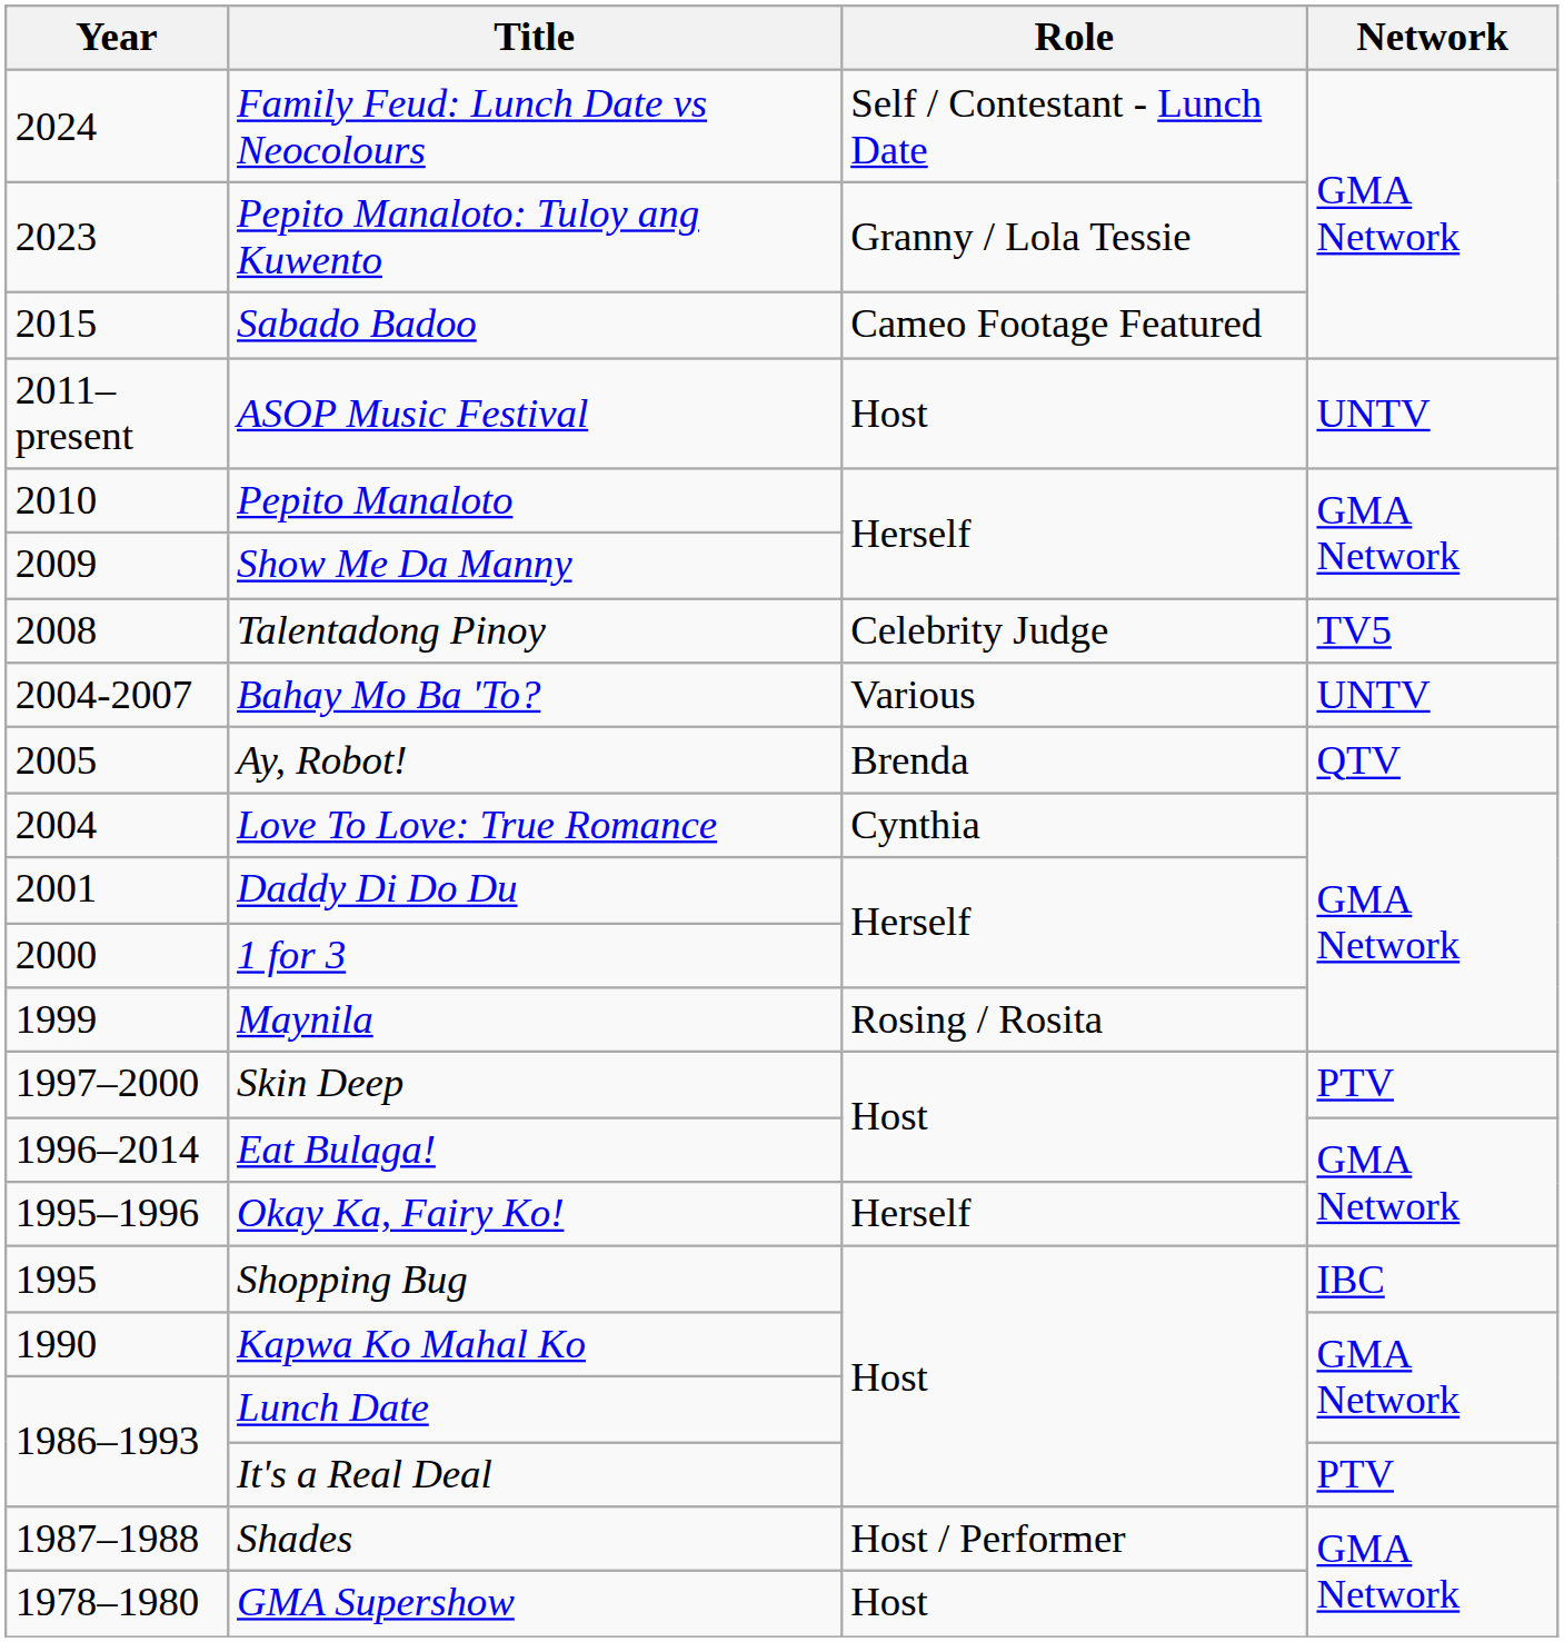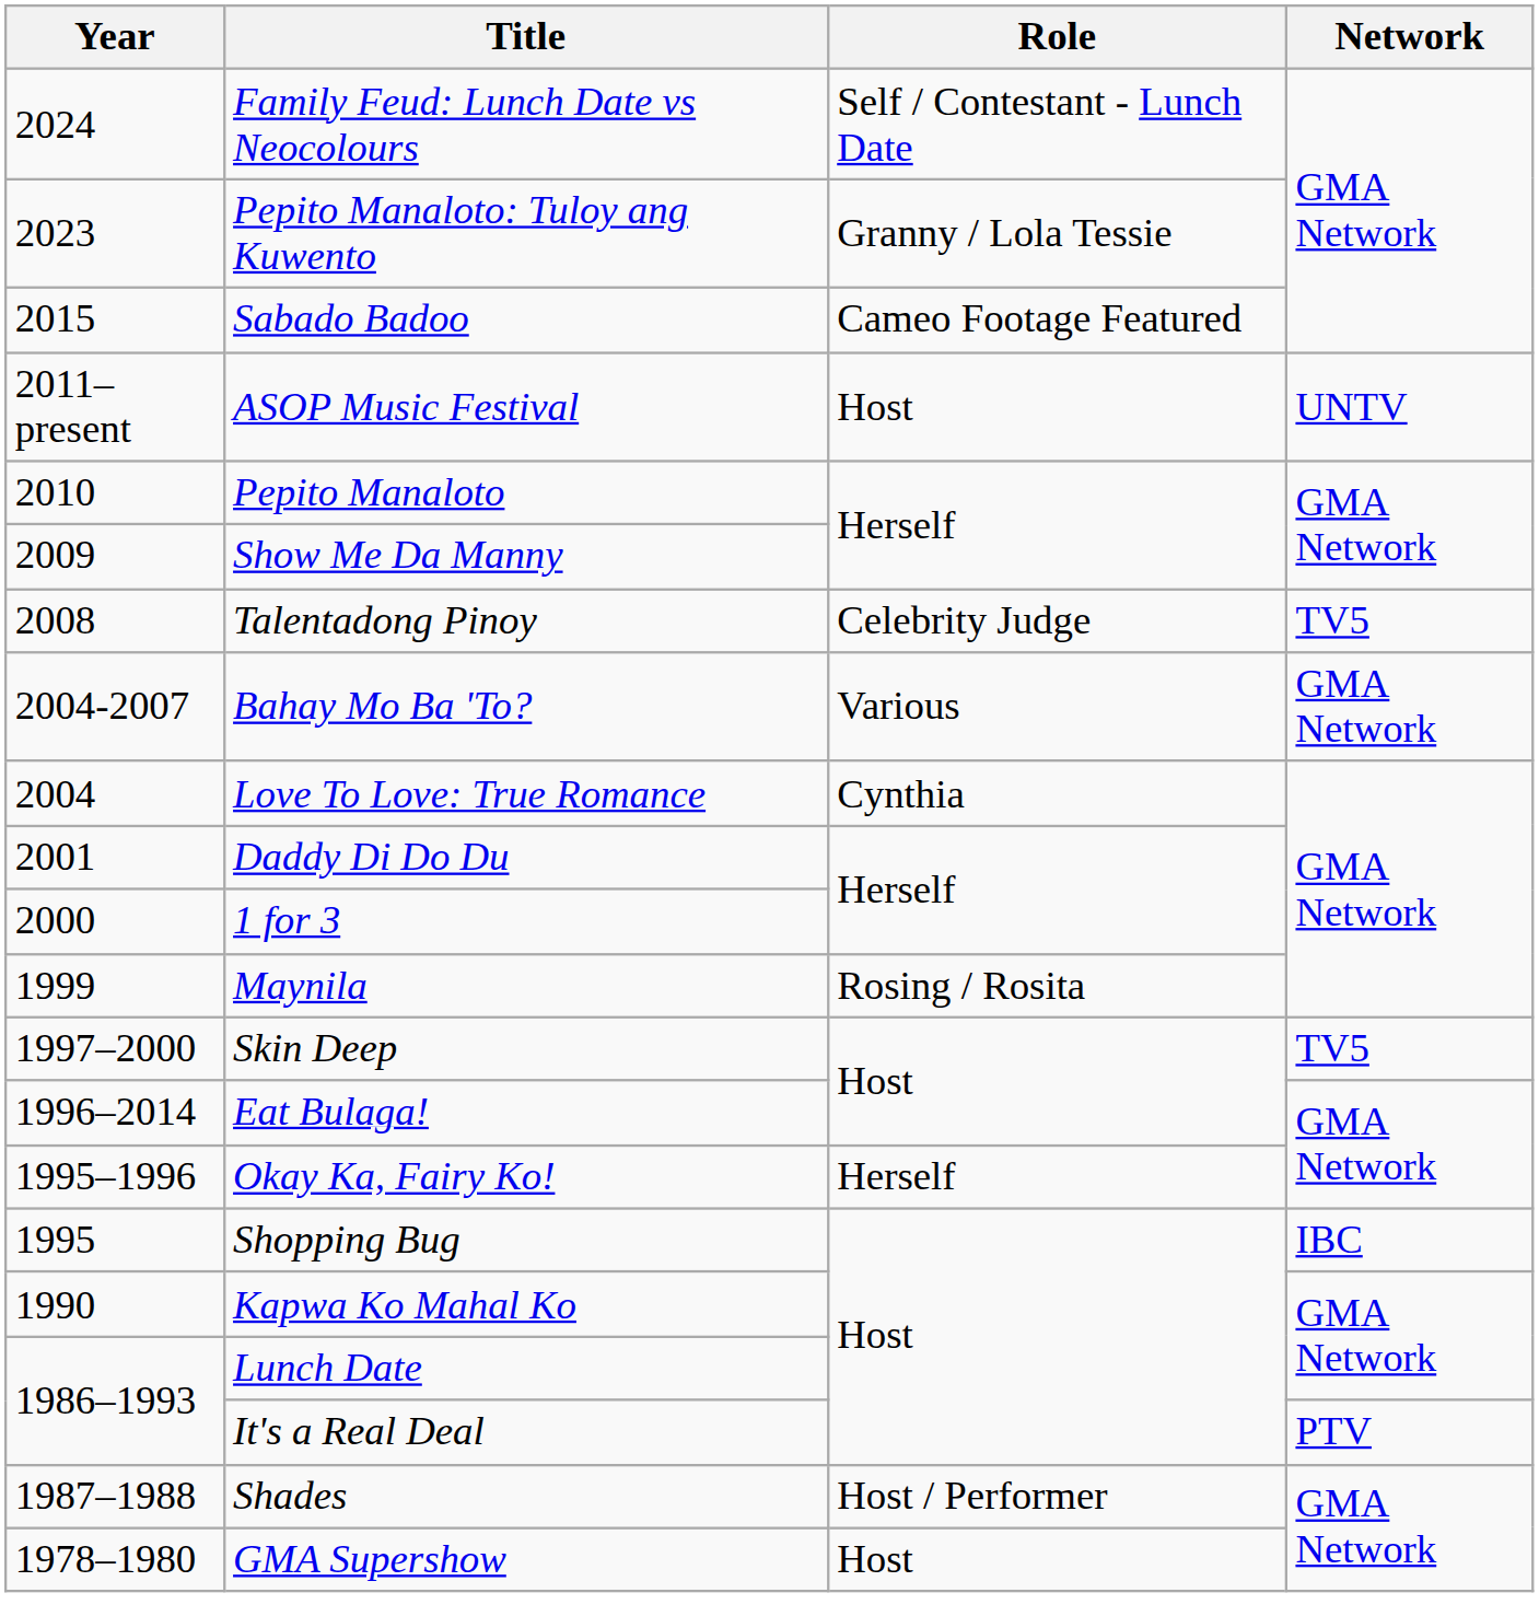 <table class="wikitable">
 <tr>
 <th>Year</th>
 <th>Title</th>
 <th>Role</th>
 <th>Network</th>
 </tr>
 <tr>
 <td>2024</td>
 <td><em><a href='#'>Family Feud: Lunch Date vs Neocolours</a></em></td>
 <td>Self / Contestant - <a href='#'>Lunch Date</a></td>
 <td rowspan="3"><a href='#'>GMA Network</a></td>
 </tr>
 <tr>
 <td>2023</td>
 <td><em><a href='#'>Pepito Manaloto: Tuloy ang Kuwento</a></em></td>
 <td>Granny / Lola Tessie</td>
 </tr>
 <tr>
 <td>2015</td>
 <td><em><a href='#'>Sabado Badoo</a></em></td>
 <td>Cameo Footage Featured</td>
 </tr>
 <tr>
 <td>2011–present</td>
 <td><em><a href='#'>ASOP Music Festival</a></em></td>
 <td>Host</td>
 <td><a href='#'>UNTV</a></td>
 </tr>
 <tr>
 <td>2010</td>
 <td><em><a href='#'>Pepito Manaloto</a></em></td>
 <td rowspan="2">Herself</td>
 <td rowspan="2"><a href='#'>GMA Network</a></td>
 </tr>
 <tr>
 <td>2009</td>
 <td><em><a href='#'>Show Me Da Manny</a></em></td>
 </tr>
 <tr>
 <td>2008</td>
 <td><em>Talentadong Pinoy</em></td>
 <td>Celebrity Judge</td>
 <td><a href='#'>TV5</a></td>
 </tr>
 <tr>
 <td>2004-2007</td>
 <td><em><a href='#'>Bahay Mo Ba 'To?</a></em></td>
 <td>Various</td>
-<td><a href='#'>UNTV</a></td>
-</tr>
-<tr>
-<td>2005</td>
-<td><em>Ay, Robot!</em></td>
-<td>Brenda</td>
-<td><a href='#'>QTV</a></td>
+<td><a href='#'>GMA Network</a></td>
 </tr>
 <tr>
 <td>2004</td>
 <td><em><a href='#'>Love To Love: True Romance</a></em></td>
 <td>Cynthia</td>
 <td rowspan="4"><a href='#'>GMA Network</a></td>
 </tr>
 <tr>
 <td>2001</td>
 <td><em><a href='#'>Daddy Di Do Du</a></em></td>
 <td rowspan="2">Herself</td>
 </tr>
 <tr>
 <td>2000</td>
 <td><em><a href='#'>1 for 3</a></em></td>
 </tr>
 <tr>
 <td>1999</td>
 <td><em><a href='#'>Maynila</a></em></td>
 <td>Rosing / Rosita</td>
 </tr>
 <tr>
 <td>1997–2000</td>
 <td><em>Skin Deep</em></td>
 <td rowspan="2">Host</td>
-<td><a href='#'>PTV</a></td>
+<td><a href='#'>TV5</a></td>
 </tr>
 <tr>
 <td>1996–2014</td>
 <td><em><a href='#'>Eat Bulaga!</a></em></td>
 <td rowspan="2"><a href='#'>GMA Network</a></td>
 </tr>
 <tr>
 <td>1995–1996</td>
 <td><em><a href='#'>Okay Ka, Fairy Ko!</a></em></td>
 <td>Herself</td>
 </tr>
 <tr>
 <td>1995</td>
 <td><em>Shopping Bug</em></td>
 <td rowspan="4">Host</td>
 <td><a href='#'>IBC</a></td>
 </tr>
 <tr>
 <td>1990</td>
 <td><em><a href='#'>Kapwa Ko Mahal Ko</a></em></td>
 <td rowspan="2"><a href='#'>GMA Network</a></td>
 </tr>
 <tr>
 <td rowspan="2">1986–1993</td>
 <td><em><a href='#'>Lunch Date</a></em></td>
 </tr>
 <tr>
 <td><em>It's a Real Deal</em></td>
 <td><a href='#'>PTV</a></td>
 </tr>
 <tr>
 <td>1987–1988</td>
 <td><em>Shades</em></td>
 <td>Host / Performer</td>
 <td rowspan="2'"><a href='#'>GMA Network</a></td>
 </tr>
 <tr>
 <td>1978–1980</td>
 <td><em><a href='#'>GMA Supershow</a></em></td>
 <td>Host</td>
 </tr>
 </table>
